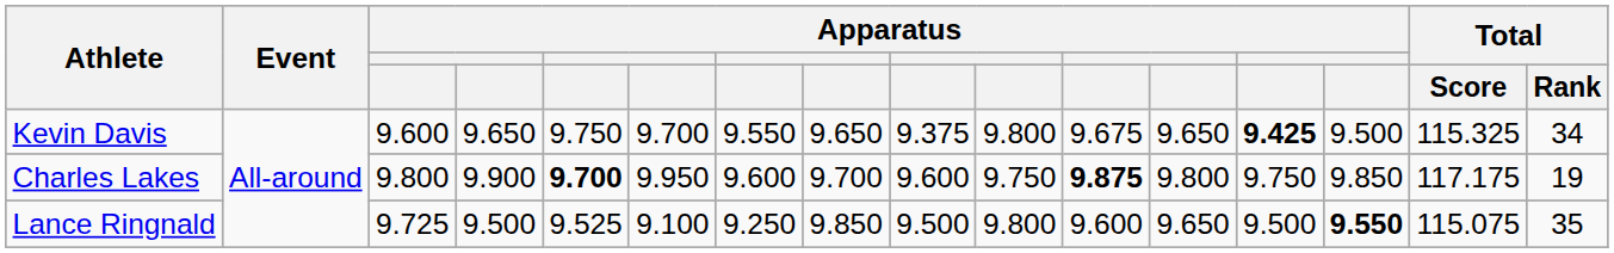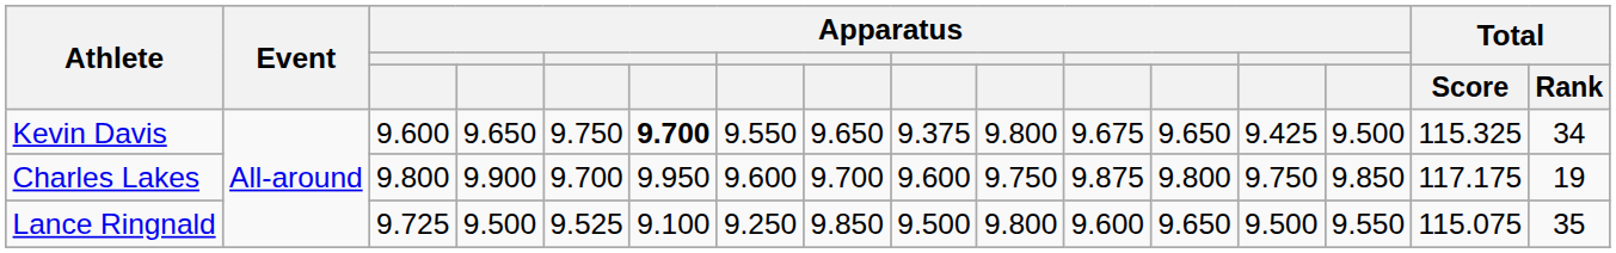 <table class=wikitable style=font-size:90%;text-align:center>
 <tr>
 <th rowspan=3>Athlete</th>
 <th rowspan=3>Event</th>
 <th colspan=12>Apparatus</th>
 <th colspan=2 rowspan=2>Total</th>
 </tr>
 <tr style=font-size:95%>
 <th colspan=2></th>
 <th colspan=2></th>
 <th colspan=2></th>
 <th colspan=2></th>
 <th colspan=2></th>
 <th colspan=2></th>
 </tr>
 <tr style=font-size:95%>
 <th></th>
 <th></th>
 <th></th>
 <th></th>
 <th></th>
 <th></th>
 <th></th>
 <th></th>
 <th></th>
 <th></th>
 <th></th>
 <th></th>
 <th>Score</th>
 <th>Rank</th>
 </tr>
 <tr>
 <td align=left><a href='#'>Kevin Davis</a></td>
 <td align=left rowspan=3><a href='#'>All-around</a></td>
 <td>9.600</td>
 <td>9.650</td>
 <td>9.750</td>
-<td>9.700</td>
+<td><strong>9.700</strong></td>
 <td>9.550</td>
 <td>9.650</td>
 <td>9.375</td>
 <td>9.800</td>
 <td>9.675</td>
 <td>9.650</td>
-<td><strong>9.425</strong></td>
+<td>9.425</td>
 <td>9.500</td>
 <td>115.325</td>
 <td>34</td>
 </tr>
 <tr>
 <td align=left><a href='#'>Charles Lakes</a></td>
 <td>9.800</td>
 <td>9.900</td>
-<td><strong>9.700</strong></td>
+<td>9.700</td>
 <td>9.950</td>
 <td>9.600</td>
 <td>9.700</td>
 <td>9.600</td>
 <td>9.750</td>
-<td><strong>9.875</strong></td>
+<td>9.875</td>
 <td>9.800</td>
 <td>9.750</td>
 <td>9.850</td>
 <td>117.175</td>
 <td>19</td>
 </tr>
 <tr>
 <td align=left><a href='#'>Lance Ringnald</a></td>
 <td>9.725</td>
 <td>9.500</td>
 <td>9.525</td>
 <td>9.100</td>
 <td>9.250</td>
 <td>9.850</td>
 <td>9.500</td>
 <td>9.800</td>
 <td>9.600</td>
 <td>9.650</td>
 <td>9.500</td>
-<td><strong>9.550</strong></td>
+<td>9.550</td>
 <td>115.075</td>
 <td>35</td>
 </tr>
 </table>
